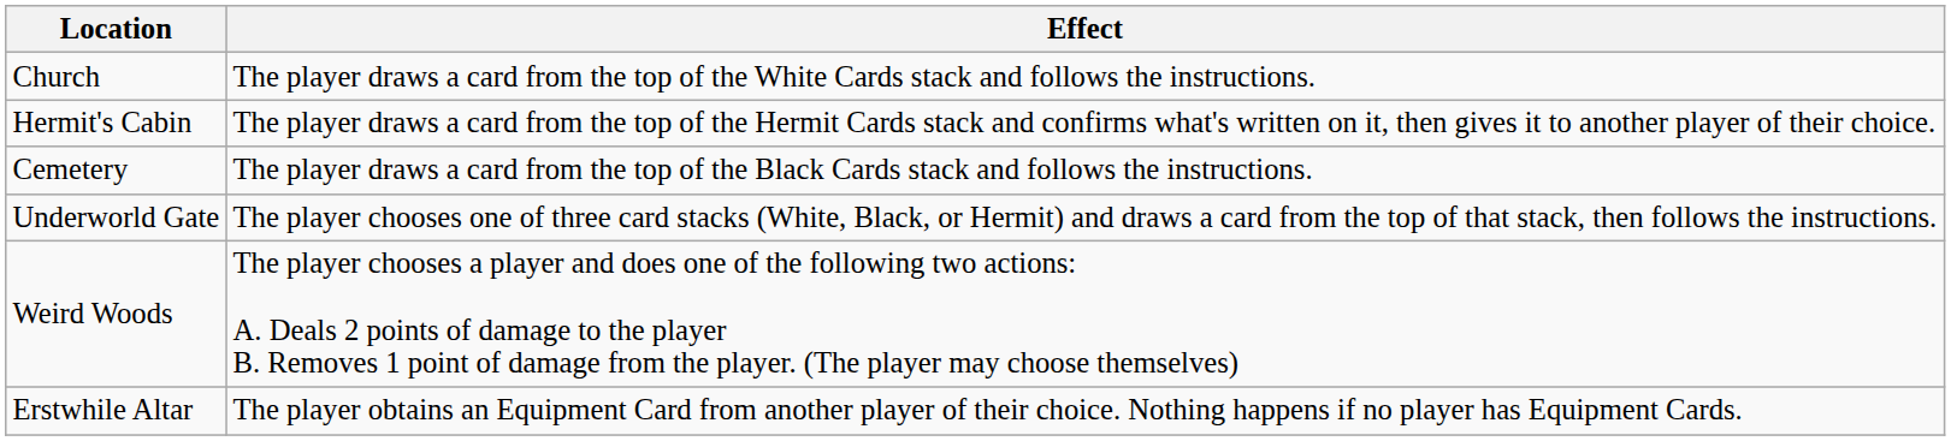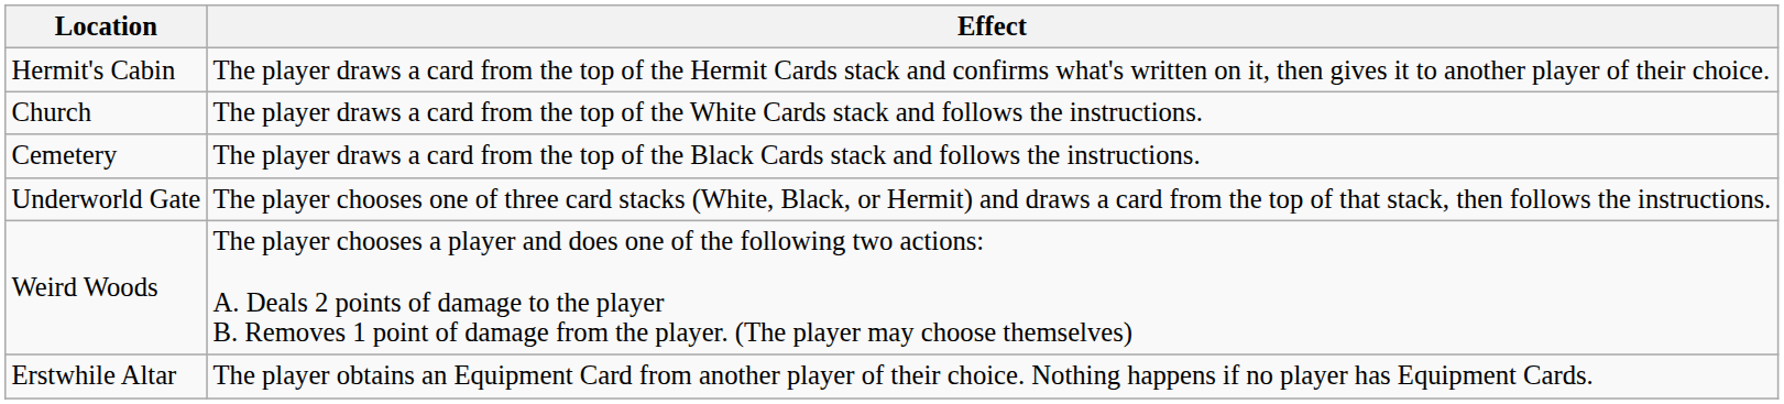 <table class="wikitable">
 <tr>
 <th>Location</th>
 <th>Effect</th>
 </tr>
 <tr>
+<td>Hermit's Cabin</td>
+<td>The player draws a card from the top of the Hermit Cards stack and confirms what's written on it, then gives it to another player of their choice.</td>
+</tr>
+<tr>
 <td>Church</td>
 <td>The player draws a card from the top of the White Cards stack and follows the instructions.</td>
-</tr>
-<tr>
-<td>Hermit's Cabin</td>
-<td>The player draws a card from the top of the Hermit Cards stack and confirms what's written on it, then gives it to another player of their choice.</td>
 </tr>
 <tr>
 <td>Cemetery</td>
 <td>The player draws a card from the top of the Black Cards stack and follows the instructions.</td>
 </tr>
 <tr>
 <td>Underworld Gate</td>
 <td>The player chooses one of three card stacks (White, Black, or Hermit) and draws a card from the top of that stack, then follows the instructions.</td>
 </tr>
 <tr>
 <td>Weird Woods</td>
 <td>The player chooses a player and does one of the following two actions: <br><br>A. Deals 2 points of damage to the player <br> B. Removes 1 point of damage from the player. (The player may choose themselves)</td>
 </tr>
 <tr>
 <td>Erstwhile Altar</td>
 <td>The player obtains an Equipment Card from another player of their choice.  Nothing happens if no player has Equipment Cards.</td>
 </tr>
 </table>
